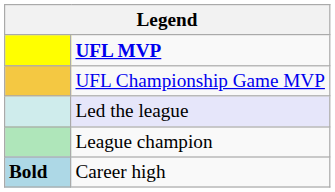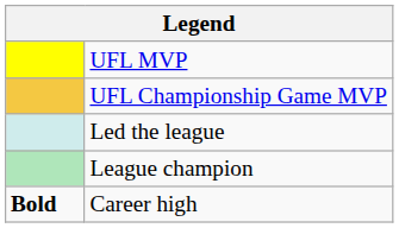 <table class="wikitable">
 <tr>
 <th colspan="2">Legend</th>
 </tr>
 <tr>
 <td style="background:#ff0; width:3em;"></td>
-<td><strong><a href='#'>UFL MVP</a></strong></td>
+<td><a href='#'>UFL MVP</a></td>
 </tr>
 <tr>
 <td style="background:#f4c842; width:3em;"></td>
 <td><a href='#'>UFL Championship Game MVP</a></td>
 </tr>
 <tr>
 <td style="background:#cfecec; width:3em;"></td>
-<td style="background: lavender;">Led the league</td>
+<td>Led the league</td>
 </tr>
 <tr>
 <td style="background:#afe6ba; width:3em;"></td>
 <td>League champion</td>
 </tr>
 <tr>
-<td style="background: lightblue;"><strong>Bold</strong></td>
+<td><strong>Bold</strong></td>
 <td>Career high</td>
 </tr>
 </table>
